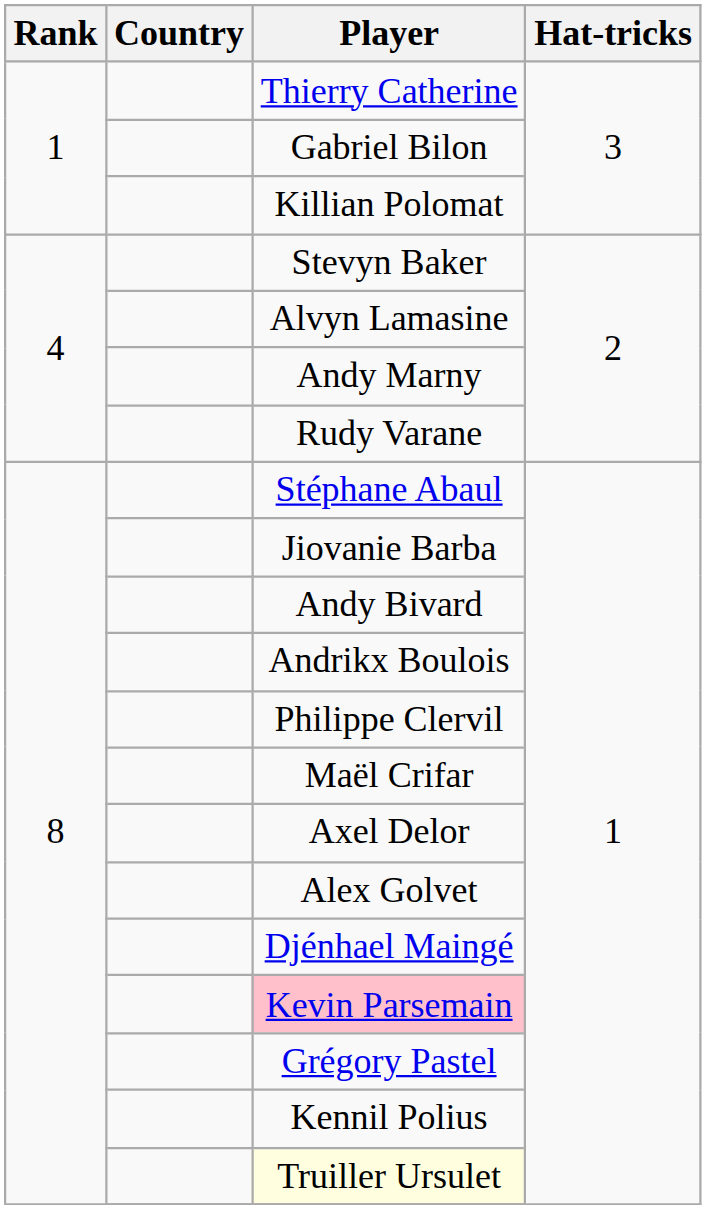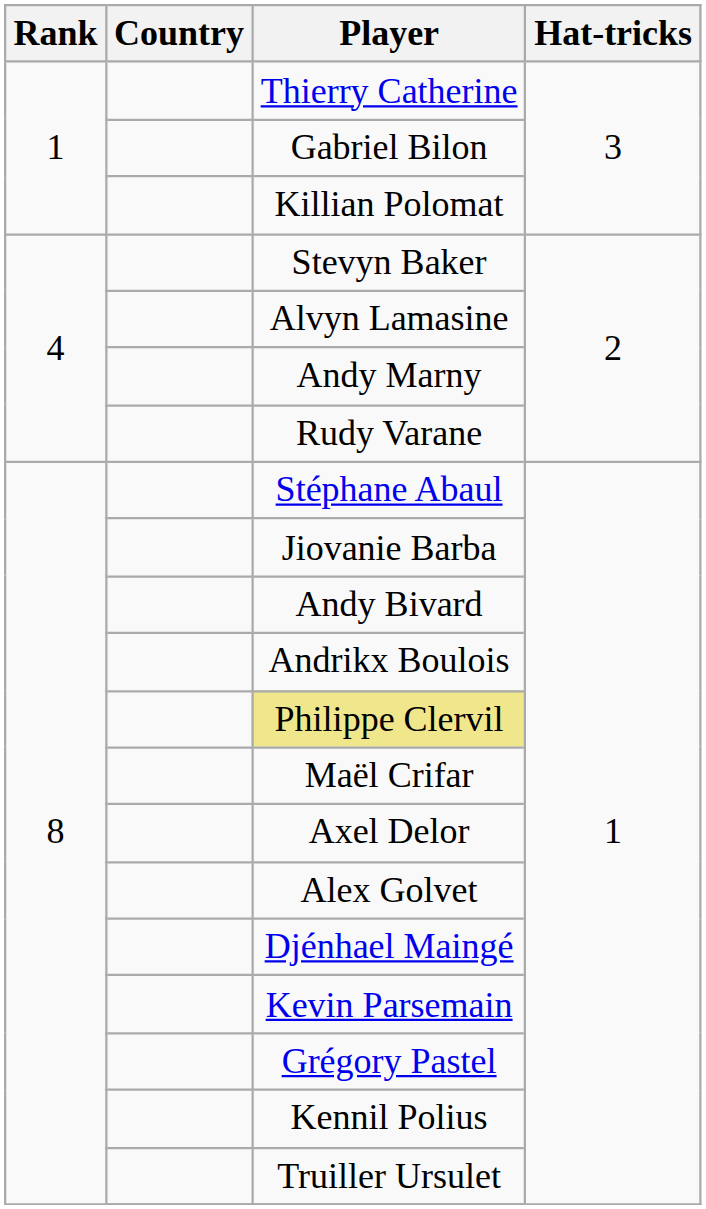 <table class="wikitable" style="text-align:center;">
 <tr>
 <th>Rank</th>
 <th>Country</th>
 <th>Player</th>
 <th>Hat-tricks</th>
 </tr>
 <tr>
 <td rowspan=3>1</td>
 <td></td>
 <td><a href='#'>Thierry Catherine</a></td>
 <td rowspan=3>3</td>
 </tr>
 <tr>
 <td></td>
 <td>Gabriel Bilon</td>
 </tr>
 <tr>
 <td></td>
 <td>Killian Polomat</td>
 </tr>
 <tr>
 <td rowspan=4>4</td>
 <td></td>
 <td>Stevyn Baker</td>
 <td rowspan=4>2</td>
 </tr>
 <tr>
 <td></td>
 <td>Alvyn Lamasine</td>
 </tr>
 <tr>
 <td></td>
 <td>Andy Marny</td>
 </tr>
 <tr>
 <td></td>
 <td>Rudy Varane</td>
 </tr>
 <tr>
 <td rowspan=30>8</td>
 <td></td>
 <td><a href='#'>Stéphane Abaul</a></td>
 <td rowspan=30>1</td>
 </tr>
 <tr>
 <td></td>
 <td>Jiovanie Barba</td>
 </tr>
 <tr>
 <td></td>
 <td>Andy Bivard</td>
 </tr>
 <tr>
 <td></td>
 <td>Andrikx Boulois</td>
 </tr>
 <tr>
 <td></td>
-<td>Philippe Clervil</td>
+<td style="background: khaki;">Philippe Clervil</td>
 </tr>
 <tr>
 <td></td>
 <td>Maël Crifar</td>
 </tr>
 <tr>
 <td></td>
 <td>Axel Delor</td>
 </tr>
 <tr>
 <td></td>
 <td>Alex Golvet</td>
 </tr>
 <tr>
 <td></td>
 <td><a href='#'>Djénhael Maingé</a></td>
 </tr>
 <tr>
 <td></td>
-<td style="background: pink;"><a href='#'>Kevin Parsemain</a></td>
+<td><a href='#'>Kevin Parsemain</a></td>
 </tr>
 <tr>
 <td></td>
 <td><a href='#'>Grégory Pastel</a></td>
 </tr>
 <tr>
 <td></td>
 <td>Kennil Polius</td>
 </tr>
 <tr>
 <td></td>
-<td style="background: lightyellow;">Truiller Ursulet</td>
+<td>Truiller Ursulet</td>
 </tr>
 <tr>
 </tr>
 </table>
